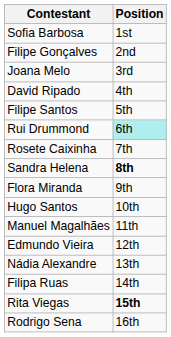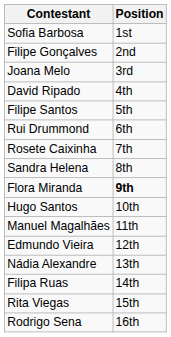 <table class="wikitable">
 <tr>
 <th>Contestant</th>
 <th>Position</th>
 </tr>
 <tr>
 <td>Sofia Barbosa</td>
 <td>1st</td>
 </tr>
 <tr>
 <td>Filipe Gonçalves</td>
 <td>2nd</td>
 </tr>
 <tr>
 <td>Joana Melo</td>
 <td>3rd</td>
 </tr>
 <tr>
 <td>David Ripado</td>
 <td>4th</td>
 </tr>
 <tr>
 <td>Filipe Santos</td>
 <td>5th</td>
 </tr>
 <tr>
 <td>Rui Drummond</td>
-<td style="background: paleturquoise;">6th</td>
+<td>6th</td>
 </tr>
 <tr>
 <td>Rosete Caixinha</td>
 <td>7th</td>
 </tr>
 <tr>
 <td>Sandra Helena</td>
-<td><strong>8th</strong></td>
+<td>8th</td>
 </tr>
 <tr>
 <td>Flora Miranda</td>
-<td>9th</td>
+<td><strong>9th</strong></td>
 </tr>
 <tr>
 <td>Hugo Santos</td>
 <td>10th</td>
 </tr>
 <tr>
 <td>Manuel Magalhães</td>
 <td>11th</td>
 </tr>
 <tr>
 <td>Edmundo Vieira</td>
 <td>12th</td>
 </tr>
 <tr>
 <td>Nádia Alexandre</td>
 <td>13th</td>
 </tr>
 <tr>
 <td>Filipa Ruas</td>
 <td>14th</td>
 </tr>
 <tr>
 <td>Rita Viegas</td>
-<td><strong>15th</strong></td>
+<td>15th</td>
 </tr>
 <tr>
 <td>Rodrigo Sena</td>
 <td>16th</td>
 </tr>
 </table>
